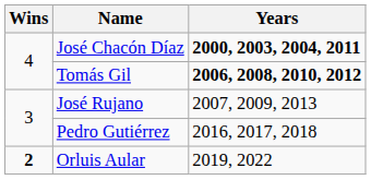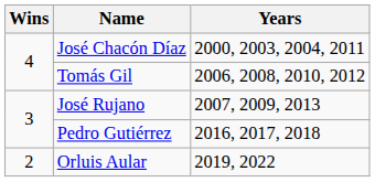 <table class="wikitable">
 <tr>
 <th>Wins</th>
 <th>Name</th>
 <th>Years</th>
 </tr>
 <tr>
 <td align=center rowspan=2>4</td>
 <td><a href='#'>José Chacón Díaz</a></td>
-<td><strong>2000, 2003, 2004, 2011</strong></td>
+<td>2000, 2003, 2004, 2011</td>
 </tr>
 <tr>
 <td><a href='#'>Tomás Gil</a></td>
-<td><strong>2006, 2008, 2010, 2012</strong></td>
+<td>2006, 2008, 2010, 2012</td>
 </tr>
 <tr>
 <td align=center rowspan=2>3</td>
 <td><a href='#'>José Rujano</a></td>
 <td>2007, 2009, 2013</td>
 </tr>
 <tr>
 <td><a href='#'>Pedro Gutiérrez</a></td>
 <td>2016, 2017, 2018</td>
 </tr>
 <tr>
-<td align=center><strong>2</strong></td>
+<td align=center>2</td>
 <td><a href='#'>Orluis Aular</a></td>
 <td>2019, 2022</td>
 </tr>
 </table>
